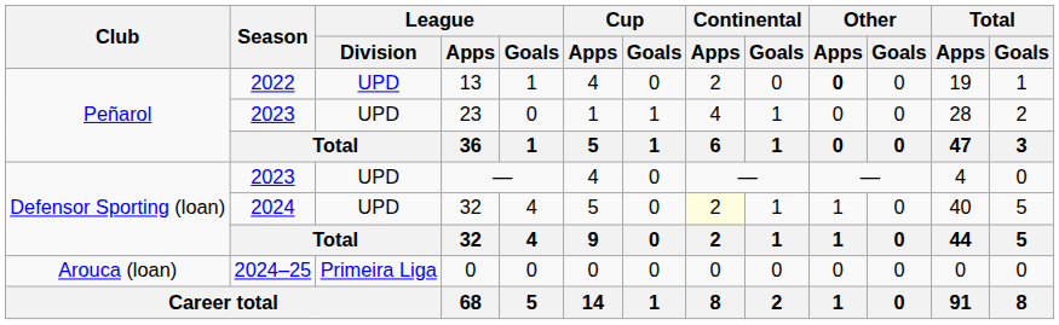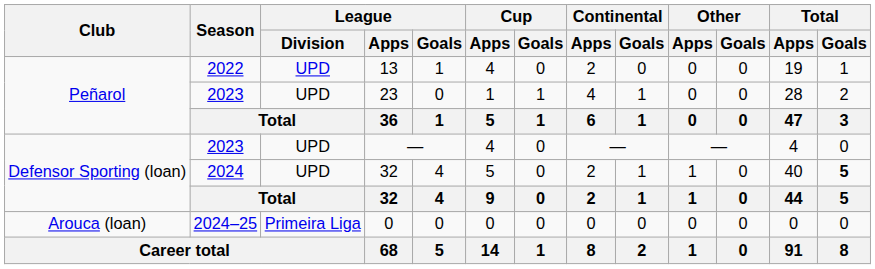 <table class="wikitable" Style="text-align: center">
 <tr>
 <th rowspan="2">Club</th>
 <th rowspan="2">Season</th>
 <th colspan="3">League</th>
 <th colspan="2">Cup</th>
 <th colspan="2">Continental</th>
 <th colspan="2">Other</th>
 <th colspan="2">Total</th>
 </tr>
 <tr>
 <th>Division</th>
 <th>Apps</th>
 <th>Goals</th>
 <th>Apps</th>
 <th>Goals</th>
 <th>Apps</th>
 <th>Goals</th>
 <th>Apps</th>
 <th>Goals</th>
 <th>Apps</th>
 <th>Goals</th>
 </tr>
 <tr>
 <td rowspan="3"><a href='#'>Peñarol</a></td>
 <td><a href='#'>2022</a></td>
 <td><a href='#'>UPD</a></td>
 <td>13</td>
 <td>1</td>
 <td>4</td>
 <td>0</td>
 <td>2</td>
 <td>0</td>
-<td><strong>0</strong></td>
+<td>0</td>
 <td>0</td>
 <td>19</td>
 <td>1</td>
 </tr>
 <tr>
 <td><a href='#'>2023</a></td>
 <td>UPD</td>
 <td>23</td>
 <td>0</td>
 <td>1</td>
 <td>1</td>
 <td>4</td>
 <td>1</td>
 <td>0</td>
 <td>0</td>
 <td>28</td>
 <td>2</td>
 </tr>
 <tr>
 <th colspan="2">Total</th>
 <th>36</th>
 <th>1</th>
 <th>5</th>
 <th>1</th>
 <th>6</th>
 <th>1</th>
 <th>0</th>
 <th>0</th>
 <th>47</th>
 <th>3</th>
 </tr>
 <tr>
 <td rowspan="3"><a href='#'>Defensor Sporting</a> (loan)</td>
 <td><a href='#'>2023</a></td>
 <td>UPD</td>
 <td colspan="2">—</td>
 <td>4</td>
 <td>0</td>
 <td colspan="2">—</td>
 <td colspan="2">—</td>
 <td>4</td>
 <td>0</td>
 </tr>
 <tr>
 <td><a href='#'>2024</a></td>
 <td>UPD</td>
 <td>32</td>
 <td>4</td>
 <td>5</td>
 <td>0</td>
-<td style="background: lightyellow;">2</td>
+<td>2</td>
 <td>1</td>
 <td>1</td>
 <td>0</td>
 <td>40</td>
-<td>5</td>
+<td><strong>5</strong></td>
 </tr>
 <tr>
 <th colspan="2">Total</th>
 <th>32</th>
 <th>4</th>
 <th>9</th>
 <th>0</th>
 <th>2</th>
 <th>1</th>
 <th>1</th>
 <th>0</th>
 <th>44</th>
 <th>5</th>
 </tr>
 <tr>
 <td rowspan="1"><a href='#'>Arouca</a> (loan)</td>
 <td><a href='#'>2024–25</a></td>
 <td><a href='#'>Primeira Liga</a></td>
 <td>0</td>
 <td>0</td>
 <td>0</td>
 <td>0</td>
 <td>0</td>
 <td>0</td>
 <td>0</td>
 <td>0</td>
 <td>0</td>
 <td>0</td>
 </tr>
 <tr>
 <th colspan="3">Career total</th>
 <th>68</th>
 <th>5</th>
 <th>14</th>
 <th>1</th>
 <th>8</th>
 <th>2</th>
 <th>1</th>
 <th>0</th>
 <th>91</th>
 <th>8</th>
 </tr>
 </table>
